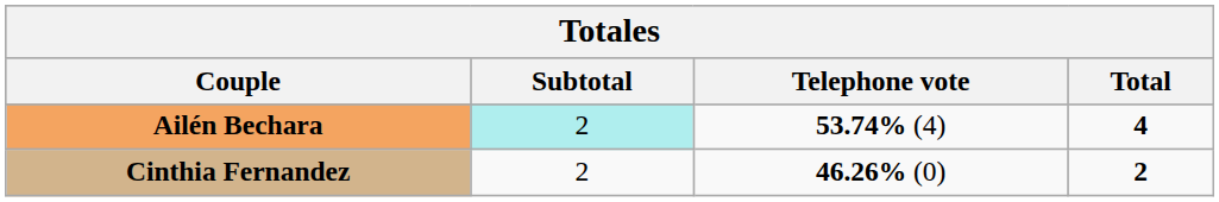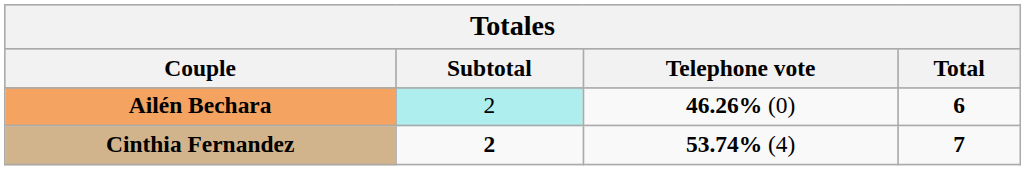 <table class="wikitable collapsible collapsed" style="font-size:90%; text-align: center; width: 100%;">
 <tr>
 <th colspan="11" style="with: 95%;" align=center><big>Totales</big></th>
 </tr>
 <tr>
 <th>Couple</th>
 <th>Subtotal</th>
 <th>Telephone vote</th>
 <th>Total</th>
 </tr>
 <tr>
 <td bgcolor="sandybrown"><strong>Ailén Bechara</strong></td>
 <td style="background: paleturquoise;">2</td>
-<td><strong>53.74%</strong> (4)</td>
-<td><strong>4</strong></td>
+<td><strong>46.26%</strong> (0)</td>
+<td><strong>6</strong></td>
 </tr>
 <tr>
 <td bgcolor="tan"><strong>Cinthia Fernandez</strong></td>
-<td>2</td>
-<td><strong>46.26%</strong> (0)</td>
 <td><strong>2</strong></td>
+<td><strong>53.74%</strong> (4)</td>
+<td><strong>7</strong></td>
 </tr>
 </table>
